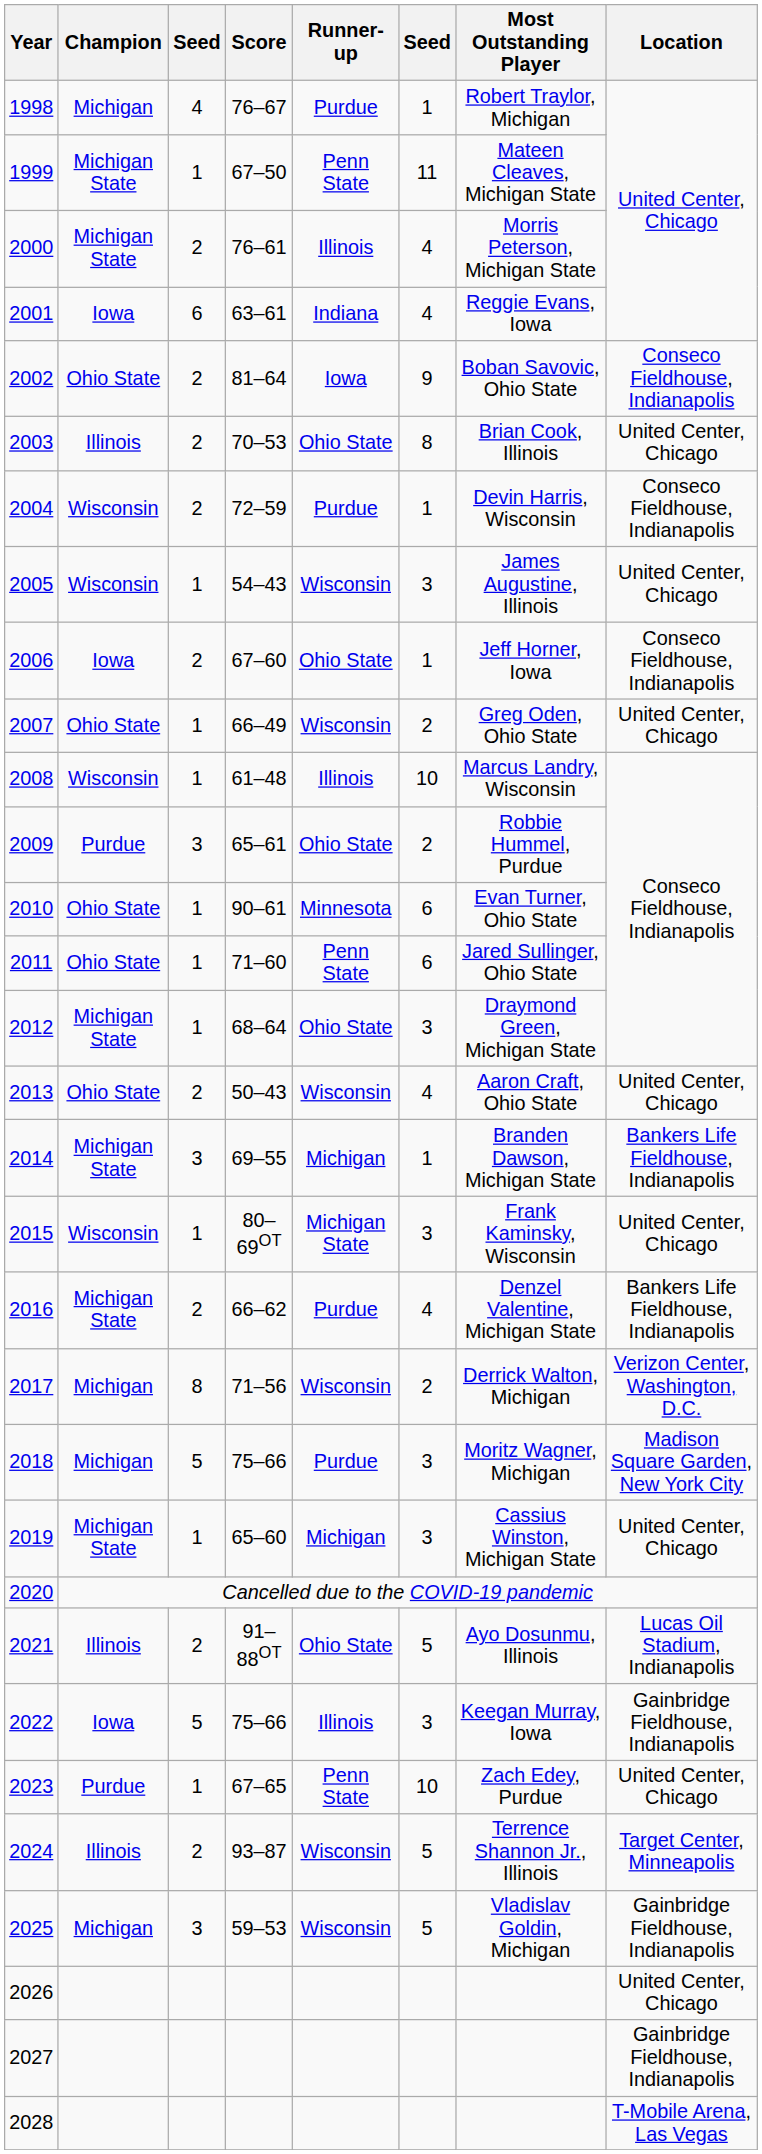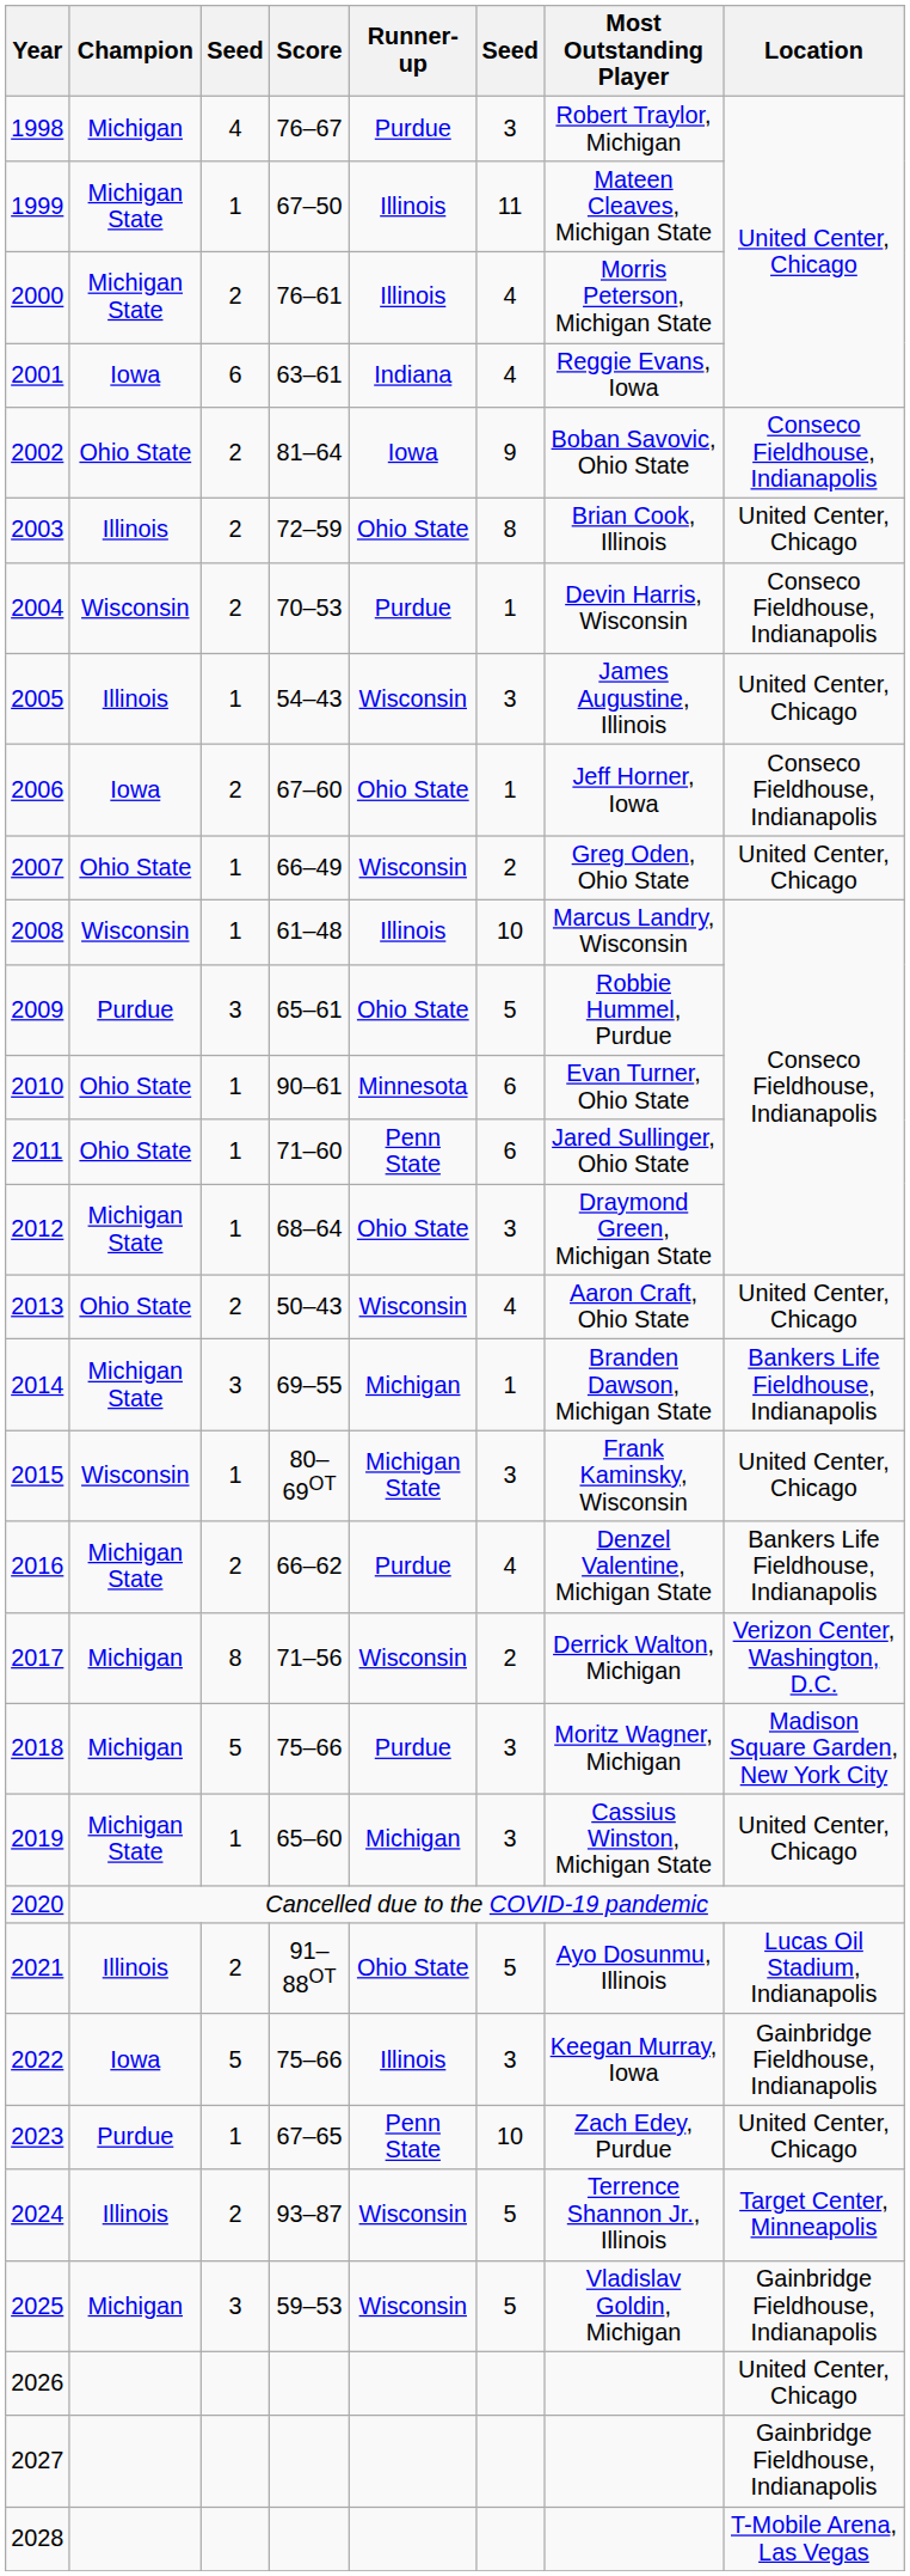 <table class="wikitable sortable" style="text-align:center">
 <tr>
 <th width=px>Year</th>
 <th width=px>Champion</th>
 <th width=px>Seed</th>
 <th width=px>Score</th>
 <th width=px>Runner-up</th>
 <th width=px>Seed</th>
 <th width=px>Most Outstanding Player</th>
 <th width=px>Location</th>
 </tr>
 <tr>
 <td><a href='#'>1998</a></td>
 <td><a href='#'>Michigan</a></td>
 <td align=center>4</td>
 <td align=center>76–67</td>
 <td><a href='#'>Purdue</a></td>
-<td align=center>1</td>
+<td align=center>3</td>
 <td><a href='#'>Robert Traylor</a>, Michigan</td>
 <td rowspan="4"><a href='#'>United Center</a>, <a href='#'>Chicago</a></td>
 </tr>
 <tr>
 <td><a href='#'>1999</a></td>
 <td><a href='#'>Michigan State</a></td>
 <td align=center>1</td>
 <td align=center>67–50</td>
-<td><a href='#'>Penn State</a></td>
+<td><a href='#'>Illinois</a></td>
 <td align=center>11</td>
 <td><a href='#'>Mateen Cleaves</a>, Michigan State</td>
 </tr>
 <tr>
 <td><a href='#'>2000</a></td>
 <td><a href='#'>Michigan State</a></td>
 <td align=center>2</td>
 <td align=center>76–61</td>
 <td><a href='#'>Illinois</a></td>
 <td align=center>4</td>
 <td><a href='#'>Morris Peterson</a>, Michigan State</td>
 </tr>
 <tr>
 <td><a href='#'>2001</a></td>
 <td><a href='#'>Iowa</a></td>
 <td align=center>6</td>
 <td align=center>63–61</td>
 <td><a href='#'>Indiana</a></td>
 <td align=center>4</td>
 <td><a href='#'>Reggie Evans</a>, Iowa</td>
 </tr>
 <tr>
 <td><a href='#'>2002</a></td>
 <td><a href='#'>Ohio State</a></td>
 <td align=center>2</td>
 <td align=center>81–64</td>
 <td><a href='#'>Iowa</a></td>
 <td align=center>9</td>
 <td><a href='#'>Boban Savovic</a>, Ohio State</td>
 <td><a href='#'>Conseco Fieldhouse</a>, <a href='#'>Indianapolis</a></td>
 </tr>
 <tr>
 <td><a href='#'>2003</a></td>
 <td><a href='#'>Illinois</a></td>
 <td align=center>2</td>
-<td align=center>70–53</td>
+<td align=center>72–59</td>
 <td><a href='#'>Ohio State</a></td>
 <td align=center>8</td>
 <td><a href='#'>Brian Cook</a>, Illinois</td>
 <td>United Center, Chicago</td>
 </tr>
 <tr>
 <td><a href='#'>2004</a></td>
 <td><a href='#'>Wisconsin</a></td>
 <td align=center>2</td>
-<td align=center>72–59</td>
+<td align=center>70–53</td>
 <td><a href='#'>Purdue</a></td>
 <td align=center>1</td>
 <td><a href='#'>Devin Harris</a>, Wisconsin</td>
 <td>Conseco Fieldhouse, Indianapolis</td>
 </tr>
 <tr>
 <td><a href='#'>2005</a></td>
-<td><a href='#'>Wisconsin</a></td>
+<td><a href='#'>Illinois</a></td>
 <td align=center>1</td>
 <td align=center>54–43</td>
 <td><a href='#'>Wisconsin</a></td>
 <td align=center>3</td>
 <td><a href='#'>James Augustine</a>, Illinois</td>
 <td>United Center, Chicago</td>
 </tr>
 <tr>
 <td><a href='#'>2006</a></td>
 <td><a href='#'>Iowa</a></td>
 <td align=center>2</td>
 <td align=center>67–60</td>
 <td><a href='#'>Ohio State</a></td>
 <td align=center>1</td>
 <td><a href='#'>Jeff Horner</a>, Iowa</td>
 <td>Conseco Fieldhouse, Indianapolis</td>
 </tr>
 <tr>
 <td><a href='#'>2007</a></td>
 <td><a href='#'>Ohio State</a></td>
 <td align=center>1</td>
 <td align=center>66–49</td>
 <td><a href='#'>Wisconsin</a></td>
 <td align=center>2</td>
 <td><a href='#'>Greg Oden</a>, Ohio State</td>
 <td>United Center, Chicago</td>
 </tr>
 <tr>
 <td><a href='#'>2008</a></td>
 <td><a href='#'>Wisconsin</a></td>
 <td align=center>1</td>
 <td align=center>61–48</td>
 <td><a href='#'>Illinois</a></td>
 <td align=center>10</td>
 <td><a href='#'>Marcus Landry</a>, Wisconsin</td>
 <td rowspan="5">Conseco Fieldhouse, Indianapolis</td>
 </tr>
 <tr>
 <td><a href='#'>2009</a></td>
 <td><a href='#'>Purdue</a></td>
 <td align=center>3</td>
 <td align=center>65–61</td>
 <td><a href='#'>Ohio State</a></td>
-<td align=center>2</td>
+<td align=center>5</td>
 <td><a href='#'>Robbie Hummel</a>, Purdue</td>
 </tr>
 <tr>
 <td><a href='#'>2010</a></td>
 <td><a href='#'>Ohio State</a></td>
 <td align=center>1</td>
 <td align=center>90–61</td>
 <td><a href='#'>Minnesota</a></td>
 <td align=center>6</td>
 <td><a href='#'>Evan Turner</a>, Ohio State</td>
 </tr>
 <tr>
 <td><a href='#'>2011</a></td>
 <td><a href='#'>Ohio State</a></td>
 <td align=center>1</td>
 <td align=center>71–60</td>
 <td><a href='#'>Penn State</a></td>
 <td align=center>6</td>
 <td><a href='#'>Jared Sullinger</a>, Ohio State</td>
 </tr>
 <tr>
 <td><a href='#'>2012</a></td>
 <td><a href='#'>Michigan State</a></td>
 <td align=center>1</td>
 <td align=center>68–64</td>
 <td><a href='#'>Ohio State</a></td>
 <td align=center>3</td>
 <td><a href='#'>Draymond Green</a>, Michigan State</td>
 </tr>
 <tr>
 <td><a href='#'>2013</a></td>
 <td><a href='#'>Ohio State</a></td>
 <td align=center>2</td>
 <td align=center>50–43</td>
 <td><a href='#'>Wisconsin</a></td>
 <td align=center>4</td>
 <td><a href='#'>Aaron Craft</a>, Ohio State</td>
 <td>United Center, Chicago</td>
 </tr>
 <tr>
 <td><a href='#'>2014</a></td>
 <td><a href='#'>Michigan State</a></td>
 <td align=center>3</td>
 <td align=center>69–55</td>
 <td><a href='#'>Michigan</a></td>
 <td align=center>1</td>
 <td><a href='#'>Branden Dawson</a>, Michigan State</td>
 <td><a href='#'>Bankers Life Fieldhouse</a>, Indianapolis</td>
 </tr>
 <tr>
 <td><a href='#'>2015</a></td>
 <td><a href='#'>Wisconsin</a></td>
 <td align=center>1</td>
 <td align=center>80–69<sup>OT</sup></td>
 <td><a href='#'>Michigan State</a></td>
 <td align=center>3</td>
 <td><a href='#'>Frank Kaminsky</a>, Wisconsin</td>
 <td>United Center, Chicago</td>
 </tr>
 <tr>
 <td><a href='#'>2016</a></td>
 <td><a href='#'>Michigan State</a></td>
 <td align=center>2</td>
 <td align=center>66–62</td>
 <td><a href='#'>Purdue</a></td>
 <td align=center>4</td>
 <td><a href='#'>Denzel Valentine</a>, Michigan State</td>
 <td>Bankers Life Fieldhouse, Indianapolis</td>
 </tr>
 <tr>
 <td><a href='#'>2017</a></td>
 <td><a href='#'>Michigan</a></td>
 <td align=center>8</td>
 <td align=center>71–56</td>
 <td><a href='#'>Wisconsin</a></td>
 <td align=center>2</td>
 <td><a href='#'>Derrick Walton</a>, Michigan</td>
 <td><a href='#'>Verizon Center</a>, <a href='#'>Washington, D.C.</a></td>
 </tr>
 <tr>
 <td><a href='#'>2018</a></td>
 <td><a href='#'>Michigan</a></td>
 <td align=center>5</td>
 <td align=center>75–66</td>
 <td><a href='#'>Purdue</a></td>
 <td align=center>3</td>
 <td><a href='#'>Moritz Wagner</a>, Michigan</td>
 <td><a href='#'>Madison Square Garden</a>, <a href='#'>New York City</a></td>
 </tr>
 <tr>
 <td><a href='#'>2019</a></td>
 <td><a href='#'>Michigan State</a></td>
 <td align=center>1</td>
 <td align=center>65–60</td>
 <td><a href='#'>Michigan</a></td>
 <td align=center>3</td>
 <td><a href='#'>Cassius Winston</a>, Michigan State</td>
 <td>United Center, Chicago</td>
 </tr>
 <tr>
 <td><a href='#'>2020</a></td>
 <td colspan=7 align=center><em>Cancelled due to the <a href='#'>COVID-19 pandemic</a></em></td>
 </tr>
 <tr>
 <td><a href='#'>2021</a></td>
 <td><a href='#'>Illinois</a></td>
 <td align=center>2</td>
 <td align=center>91–88<sup>OT</sup></td>
 <td><a href='#'>Ohio State</a></td>
 <td align=center>5</td>
 <td><a href='#'>Ayo Dosunmu</a>, Illinois</td>
 <td><a href='#'>Lucas Oil Stadium</a>, Indianapolis</td>
 </tr>
 <tr>
 <td><a href='#'>2022</a></td>
 <td><a href='#'>Iowa</a></td>
 <td align=center>5</td>
 <td align=center>75–66</td>
 <td><a href='#'>Illinois</a></td>
 <td align=center>3</td>
 <td><a href='#'>Keegan Murray</a>, Iowa</td>
 <td>Gainbridge Fieldhouse, Indianapolis</td>
 </tr>
 <tr>
 <td><a href='#'>2023</a></td>
 <td><a href='#'>Purdue</a></td>
 <td align=center>1</td>
 <td align=center>67–65</td>
 <td><a href='#'>Penn State</a></td>
 <td align=center>10</td>
 <td><a href='#'>Zach Edey</a>, Purdue</td>
 <td>United Center, Chicago</td>
 </tr>
 <tr>
 <td><a href='#'>2024</a></td>
 <td><a href='#'>Illinois</a></td>
 <td align=center>2</td>
 <td align=center>93–87</td>
 <td><a href='#'>Wisconsin</a></td>
 <td align=center>5</td>
 <td><a href='#'>Terrence Shannon Jr.</a>, Illinois</td>
 <td><a href='#'>Target Center</a>, <a href='#'>Minneapolis</a></td>
 </tr>
 <tr>
 <td><a href='#'>2025</a></td>
 <td><a href='#'>Michigan</a></td>
 <td align=center>3</td>
 <td align=center>59–53</td>
 <td><a href='#'>Wisconsin</a></td>
 <td align=center>5</td>
 <td><a href='#'>Vladislav Goldin</a>, Michigan</td>
 <td>Gainbridge Fieldhouse, Indianapolis</td>
 </tr>
 <tr>
 <td>2026</td>
 <td></td>
 <td></td>
 <td></td>
 <td></td>
 <td></td>
 <td></td>
 <td>United Center, Chicago</td>
 </tr>
 <tr>
 <td>2027</td>
 <td></td>
 <td></td>
 <td></td>
 <td></td>
 <td></td>
 <td></td>
 <td>Gainbridge Fieldhouse, Indianapolis</td>
 </tr>
 <tr>
 <td>2028</td>
 <td></td>
 <td></td>
 <td></td>
 <td></td>
 <td></td>
 <td></td>
 <td><a href='#'>T-Mobile Arena</a>, <a href='#'>Las Vegas</a></td>
 </tr>
 </table>
